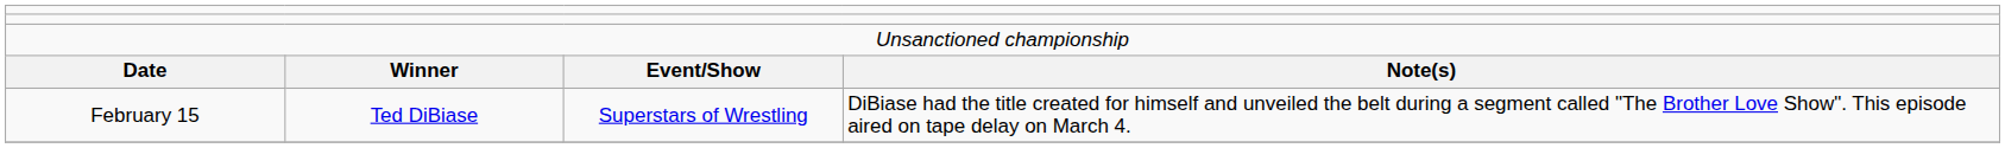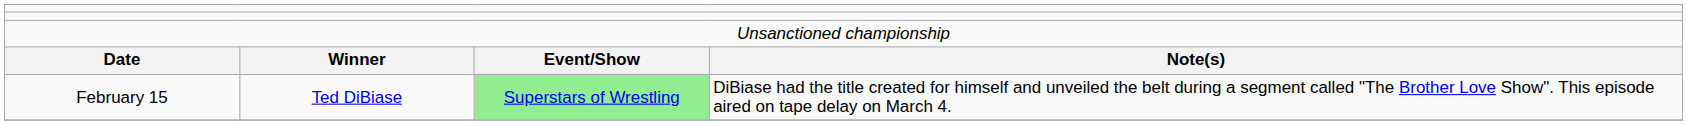 <table class="wikitable" style="text-align:center; width:100%;">
 <tr>
 <td colspan="5"></td>
 </tr>
 <tr>
 <td colspan="5"><strong></strong></td>
 </tr>
 <tr>
 <td colspan="5"><em>Unsanctioned championship</em></td>
 </tr>
 <tr>
 <th width="14%">Date</th>
 <th width="14%">Winner</th>
 <th width="14%">Event/Show</th>
 <th width="58%">Note(s)</th>
 </tr>
 <tr>
 <td>February 15</td>
 <td><a href='#'>Ted DiBiase</a></td>
-<td><a href='#'>Superstars of Wrestling</a></td>
+<td style="background: lightgreen;"><a href='#'>Superstars of Wrestling</a></td>
 <td align=left>DiBiase had the title created for himself and unveiled the belt during a segment called "The <a href='#'>Brother Love</a> Show". This episode aired on tape delay on March 4.</td>
 </tr>
 <tr>
 </tr>
 </table>
